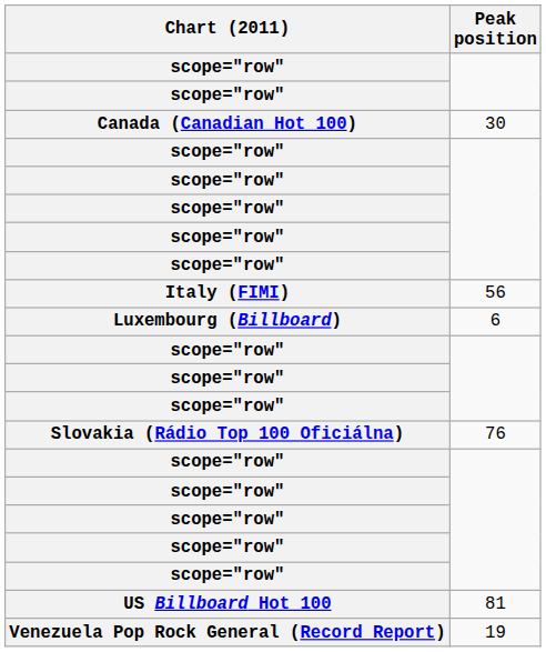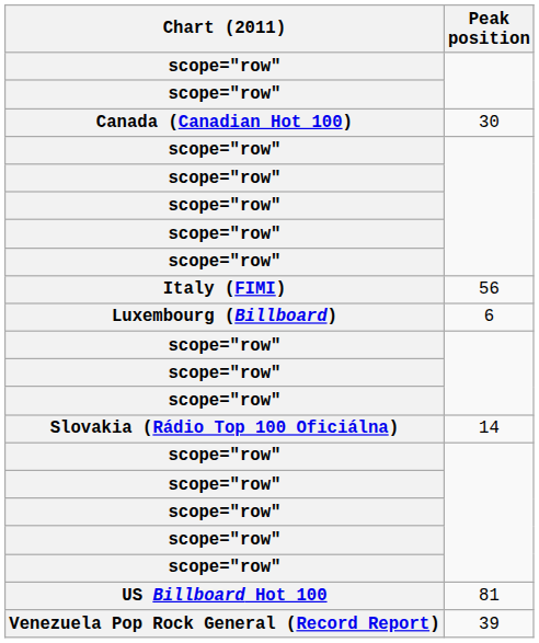 <table class="wikitable sortable plainrowheaders">
 <tr>
 <th scope="col">Chart (2011)</th>
 <th scope="col">Peak<br>position</th>
 </tr>
 <tr>
 <th>scope="row"</th>
 </tr>
 <tr>
 <th>scope="row"</th>
 </tr>
 <tr>
 <th scope="row">Canada (<a href='#'>Canadian Hot 100</a>)</th>
 <td style="text-align:center;">30</td>
 </tr>
 <tr>
 <th>scope="row"</th>
 </tr>
 <tr>
 <th>scope="row"</th>
 </tr>
 <tr>
 <th>scope="row"</th>
 </tr>
 <tr>
 <th>scope="row"</th>
 </tr>
 <tr>
 <th>scope="row"</th>
 </tr>
 <tr>
 <th scope="row">Italy (<a href='#'>FIMI</a>)</th>
 <td align=center>56</td>
 </tr>
 <tr>
 <th scope="row">Luxembourg (<em><a href='#'>Billboard</a></em>)</th>
 <td style="text-align:center;">6</td>
 </tr>
 <tr>
 <th>scope="row"</th>
 </tr>
 <tr>
 <th>scope="row"</th>
 </tr>
 <tr>
 <th>scope="row"</th>
 </tr>
 <tr>
 <th scope="row">Slovakia (<a href='#'>Rádio Top 100 Oficiálna</a>)</th>
-<td style="text-align:center;">76</td>
+<td style="text-align:center;">14</td>
 </tr>
 <tr>
 <th>scope="row"</th>
 </tr>
 <tr>
 <th>scope="row"</th>
 </tr>
 <tr>
 <th>scope="row"</th>
 </tr>
 <tr>
 <th>scope="row"</th>
 </tr>
 <tr>
 <th>scope="row"</th>
 </tr>
 <tr>
 <th scope="row">US <a href='#'><em>Billboard</em> Hot 100</a></th>
 <td style="text-align:center;">81</td>
 </tr>
 <tr>
 <th scope="row">Venezuela Pop Rock General (<a href='#'>Record Report</a>)</th>
-<td style="text-align:center;">19</td>
+<td style="text-align:center;">39</td>
 </tr>
 </table>
